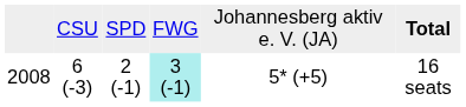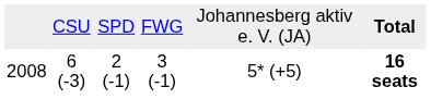 <table border="0" cellpadding="2" cellspacing="0" width="60%">
 <tr bgcolor="#eeeeee" align="center">
 <td></td>
 <td><a href='#'>CSU</a></td>
 <td><a href='#'>SPD</a></td>
 <td><a href='#'>FWG</a></td>
 <td>Johannesberg aktiv e. V. (JA)</td>
 <td><strong>Total</strong></td>
 </tr>
 <tr align="center">
 <td>2008</td>
 <td>6 (-3)</td>
 <td>2 (-1)</td>
-<td style="background: paleturquoise;">3 (-1)</td>
+<td>3 (-1)</td>
 <td>5* (+5)</td>
-<td>16 seats</td>
+<td><strong>16 seats</strong></td>
 </tr>
 </table>
